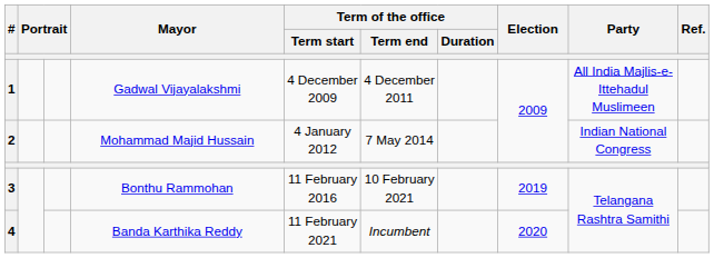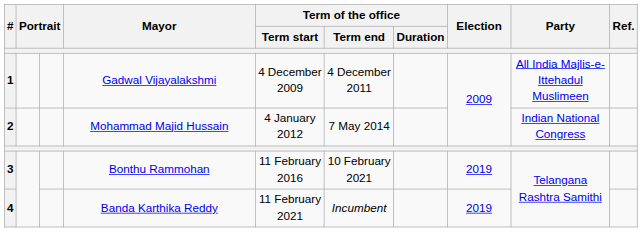 <table class="wikitable" style="line-height:1.4em; text-align:center">
 <tr>
 <th rowspan=2>#</th>
 <th rowspan=2 colspan="2">Portrait</th>
 <th rowspan=2 style="width:16em">Mayor<br></th>
 <th colspan="3">Term of the office</th>
 <th rowspan=2 style="width:5em">Election</th>
 <th rowspan=2 style="width:8em">Party</th>
 <th colspan="2" rowspan="2">Ref.</th>
 </tr>
 <tr>
 <th>Term start</th>
 <th>Term end</th>
 <th>Duration</th>
 </tr>
 <tr>
 <th colspan="11"></th>
 </tr>
 <tr>
 <th>1</th>
 <td></td>
 <td></td>
 <td><a href='#'>Gadwal Vijayalakshmi</a><br></td>
 <td>4 December 2009</td>
 <td>4 December 2011</td>
 <td><strong></strong></td>
 <td rowspan=2><a href='#'>2009</a></td>
 <td><a href='#'>All India Majlis-e-Ittehadul Muslimeen</a></td>
 <td></td>
 </tr>
 <tr>
 <th>2</th>
 <td></td>
 <td></td>
 <td><a href='#'>Mohammad Majid Hussain</a><br></td>
 <td>4 January 2012</td>
 <td>7 May 2014</td>
 <td><strong></strong></td>
 <td><a href='#'>Indian National Congress</a></td>
 <td></td>
 </tr>
 <tr>
 <th colspan="11"></th>
 </tr>
 <tr>
 <th>3</th>
 <td rowspan=2></td>
 <td></td>
 <td><a href='#'>Bonthu Rammohan</a><br></td>
 <td>11 February 2016</td>
 <td>10 February 2021</td>
 <td><strong></strong></td>
 <td><a href='#'>2019</a></td>
 <td rowspan=2><a href='#'>Telangana Rashtra Samithi</a></td>
 <td></td>
 </tr>
 <tr>
 <th>4</th>
 <td></td>
 <td><a href='#'>Banda Karthika Reddy</a><br></td>
 <td>11 February 2021</td>
 <td><em>Incumbent</em></td>
 <td><strong></strong></td>
-<td><a href='#'>2020</a></td>
+<td><a href='#'>2019</a></td>
 <td></td>
 </tr>
 </table>
